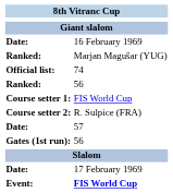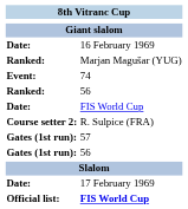 <table border=0 class="toccolours float-right" align="right" style="margin:0 0 0.5em 1em; font-size: 85%;">
 <tr>
 <th bgcolor=#BCD4E6 colspan=2 align="center">8th Vitranc Cup</th>
 </tr>
 <tr>
 <td align="center" colspan=2></td>
 </tr>
 <tr>
 <th bgcolor=#b0c4de colspan=2 align="center">Giant slalom</th>
 </tr>
 <tr>
 <td><strong>Date:</strong></td>
 <td>16 February 1969</td>
 </tr>
 <tr>
 <td><strong>Ranked:</strong></td>
 <td>Marjan Magušar (YUG)</td>
 </tr>
 <tr>
-<td><strong>Official list:</strong></td>
+<td><strong>Event:</strong></td>
 <td>74</td>
 </tr>
 <tr>
 <td><strong>Ranked:</strong></td>
 <td>56</td>
 </tr>
 <tr>
-<td><strong>Course setter 1:</strong></td>
+<td><strong>Date:</strong></td>
 <td><a href='#'>FIS World Cup</a></td>
 </tr>
 <tr>
 <td><strong>Course setter 2:</strong></td>
 <td>R. Sulpice (FRA)</td>
 </tr>
 <tr>
-<td><strong>Date:</strong></td>
+<td><strong>Gates (1st run):</strong></td>
 <td>57</td>
 </tr>
 <tr>
 <td><strong>Gates (1st run):</strong></td>
 <td>56</td>
 </tr>
 <tr>
 <th bgcolor=#b0c4de colspan=2 align="center">Slalom</th>
 </tr>
 <tr>
 <td><strong>Date:</strong></td>
 <td>17 February 1969</td>
 </tr>
 <tr>
-<td><strong>Event:</strong></td>
+<td><strong>Official list:</strong></td>
 <td><strong><a href='#'>FIS World Cup</a></strong></td>
 </tr>
 </table>
